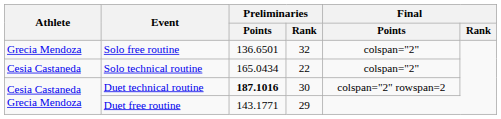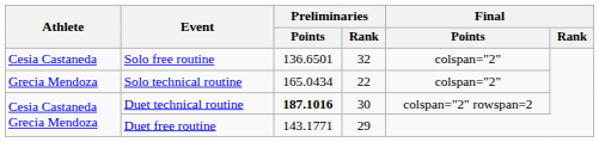 <table class="wikitable" style="text-align:center; font-size:90%; width:50%;">
 <tr>
 <th rowspan="2">Athlete</th>
 <th rowspan="2">Event</th>
 <th colspan="2">Preliminaries</th>
 <th colspan="2">Final</th>
 </tr>
 <tr style="font-size:95%">
 <th>Points</th>
 <th>Rank</th>
 <th>Points</th>
 <th>Rank</th>
 </tr>
 <tr>
-<td align=left><a href='#'>Grecia Mendoza</a></td>
+<td align=left><a href='#'>Cesia Castaneda</a></td>
 <td align=left><a href='#'>Solo free routine</a></td>
 <td>136.6501</td>
 <td>32</td>
 <td>colspan="2" </td>
 </tr>
 <tr>
-<td align=left><a href='#'>Cesia Castaneda</a></td>
+<td align=left><a href='#'>Grecia Mendoza</a></td>
 <td align=left><a href='#'>Solo technical routine</a></td>
 <td>165.0434</td>
 <td>22</td>
 <td>colspan="2" </td>
 </tr>
 <tr>
 <td align=left rowspan=2><a href='#'>Cesia Castaneda</a><br><a href='#'>Grecia Mendoza</a></td>
 <td align=left><a href='#'>Duet technical routine</a></td>
 <td><strong>187.1016</strong></td>
 <td>30</td>
 <td>colspan="2" rowspan=2 </td>
 </tr>
 <tr>
 <td align=left><a href='#'>Duet free routine</a></td>
 <td>143.1771</td>
 <td>29</td>
 </tr>
 </table>
